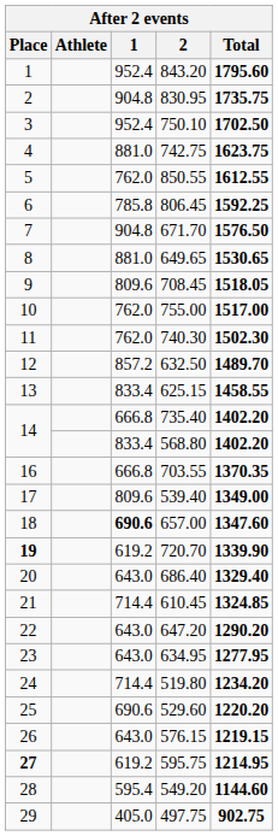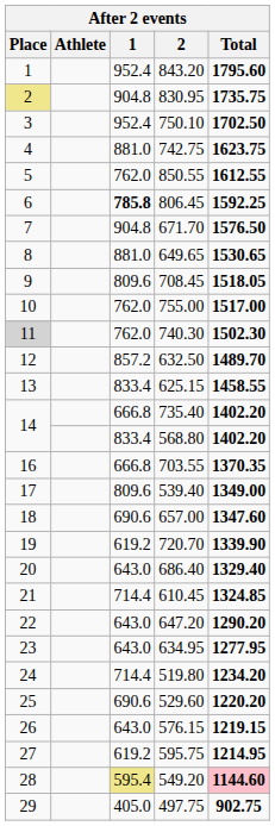 <table class=wikitable style="text-align:center">
 <tr>
 <th colspan=5><strong>After 2 events</strong></th>
 </tr>
 <tr>
 <th>Place</th>
 <th>Athlete</th>
 <th>1</th>
 <th>2</th>
 <th>Total</th>
 </tr>
 <tr>
 <td>1</td>
 <td align=left></td>
 <td>952.4</td>
 <td>843.20</td>
 <td><strong>1795.60</strong></td>
 </tr>
 <tr>
-<td>2</td>
+<td style="background: khaki;">2</td>
 <td align=left></td>
 <td>904.8</td>
 <td>830.95</td>
 <td><strong>1735.75</strong></td>
 </tr>
 <tr>
 <td>3</td>
 <td align=left></td>
 <td>952.4</td>
 <td>750.10</td>
 <td><strong>1702.50</strong></td>
 </tr>
 <tr>
 <td>4</td>
 <td align=left></td>
 <td>881.0</td>
 <td>742.75</td>
 <td><strong>1623.75</strong></td>
 </tr>
 <tr>
 <td>5</td>
 <td align=left></td>
 <td>762.0</td>
 <td>850.55</td>
 <td><strong>1612.55</strong></td>
 </tr>
 <tr>
 <td>6</td>
 <td align=left></td>
-<td>785.8</td>
+<td><strong>785.8</strong></td>
 <td>806.45</td>
 <td><strong>1592.25</strong></td>
 </tr>
 <tr>
 <td>7</td>
 <td align=left></td>
 <td>904.8</td>
 <td>671.70</td>
 <td><strong>1576.50</strong></td>
 </tr>
 <tr>
 <td>8</td>
 <td align=left></td>
 <td>881.0</td>
 <td>649.65</td>
 <td><strong>1530.65</strong></td>
 </tr>
 <tr>
 <td>9</td>
 <td align=left></td>
 <td>809.6</td>
 <td>708.45</td>
 <td><strong>1518.05</strong></td>
 </tr>
 <tr>
 <td>10</td>
 <td align=left></td>
 <td>762.0</td>
 <td>755.00</td>
 <td><strong>1517.00</strong></td>
 </tr>
 <tr>
-<td>11</td>
+<td style="background: lightgrey;">11</td>
 <td align=left></td>
 <td>762.0</td>
 <td>740.30</td>
 <td><strong>1502.30</strong></td>
 </tr>
 <tr>
 <td>12</td>
 <td align=left></td>
 <td>857.2</td>
 <td>632.50</td>
 <td><strong>1489.70</strong></td>
 </tr>
 <tr>
 <td>13</td>
 <td align=left></td>
 <td>833.4</td>
 <td>625.15</td>
 <td><strong>1458.55</strong></td>
 </tr>
 <tr>
 <td rowspan=2>14</td>
 <td align=left></td>
 <td>666.8</td>
 <td>735.40</td>
 <td><strong>1402.20</strong></td>
 </tr>
 <tr>
 <td align=left></td>
 <td>833.4</td>
 <td>568.80</td>
 <td><strong>1402.20</strong></td>
 </tr>
 <tr>
 <td>16</td>
 <td align=left></td>
 <td>666.8</td>
 <td>703.55</td>
 <td><strong>1370.35</strong></td>
 </tr>
 <tr>
 <td>17</td>
 <td align=left></td>
 <td>809.6</td>
 <td>539.40</td>
 <td><strong>1349.00</strong></td>
 </tr>
 <tr>
 <td>18</td>
 <td align=left></td>
-<td><strong>690.6</strong></td>
+<td>690.6</td>
 <td>657.00</td>
 <td><strong>1347.60</strong></td>
 </tr>
 <tr>
-<td><strong>19</strong></td>
+<td>19</td>
 <td align=left></td>
 <td>619.2</td>
 <td>720.70</td>
 <td><strong>1339.90</strong></td>
 </tr>
 <tr>
 <td>20</td>
 <td align=left></td>
 <td>643.0</td>
 <td>686.40</td>
 <td><strong>1329.40</strong></td>
 </tr>
 <tr>
 <td>21</td>
 <td align=left></td>
 <td>714.4</td>
 <td>610.45</td>
 <td><strong>1324.85</strong></td>
 </tr>
 <tr>
 <td>22</td>
 <td align=left></td>
 <td>643.0</td>
 <td>647.20</td>
 <td><strong>1290.20</strong></td>
 </tr>
 <tr>
 <td>23</td>
 <td align=left></td>
 <td>643.0</td>
 <td>634.95</td>
 <td><strong>1277.95</strong></td>
 </tr>
 <tr>
 <td>24</td>
 <td align=left></td>
 <td>714.4</td>
 <td>519.80</td>
 <td><strong>1234.20</strong></td>
 </tr>
 <tr>
 <td>25</td>
 <td align=left></td>
 <td>690.6</td>
 <td>529.60</td>
 <td><strong>1220.20</strong></td>
 </tr>
 <tr>
 <td>26</td>
 <td align=left></td>
 <td>643.0</td>
 <td>576.15</td>
 <td><strong>1219.15</strong></td>
 </tr>
 <tr>
-<td><strong>27</strong></td>
+<td>27</td>
 <td align=left></td>
 <td>619.2</td>
 <td>595.75</td>
 <td><strong>1214.95</strong></td>
 </tr>
 <tr>
 <td>28</td>
 <td align=left></td>
-<td>595.4</td>
+<td style="background: khaki;">595.4</td>
 <td>549.20</td>
-<td><strong>1144.60</strong></td>
+<td style="background: pink;"><strong>1144.60</strong></td>
 </tr>
 <tr>
 <td>29</td>
 <td align=left></td>
 <td>405.0</td>
 <td>497.75</td>
 <td><strong>902.75</strong></td>
 </tr>
 </table>
